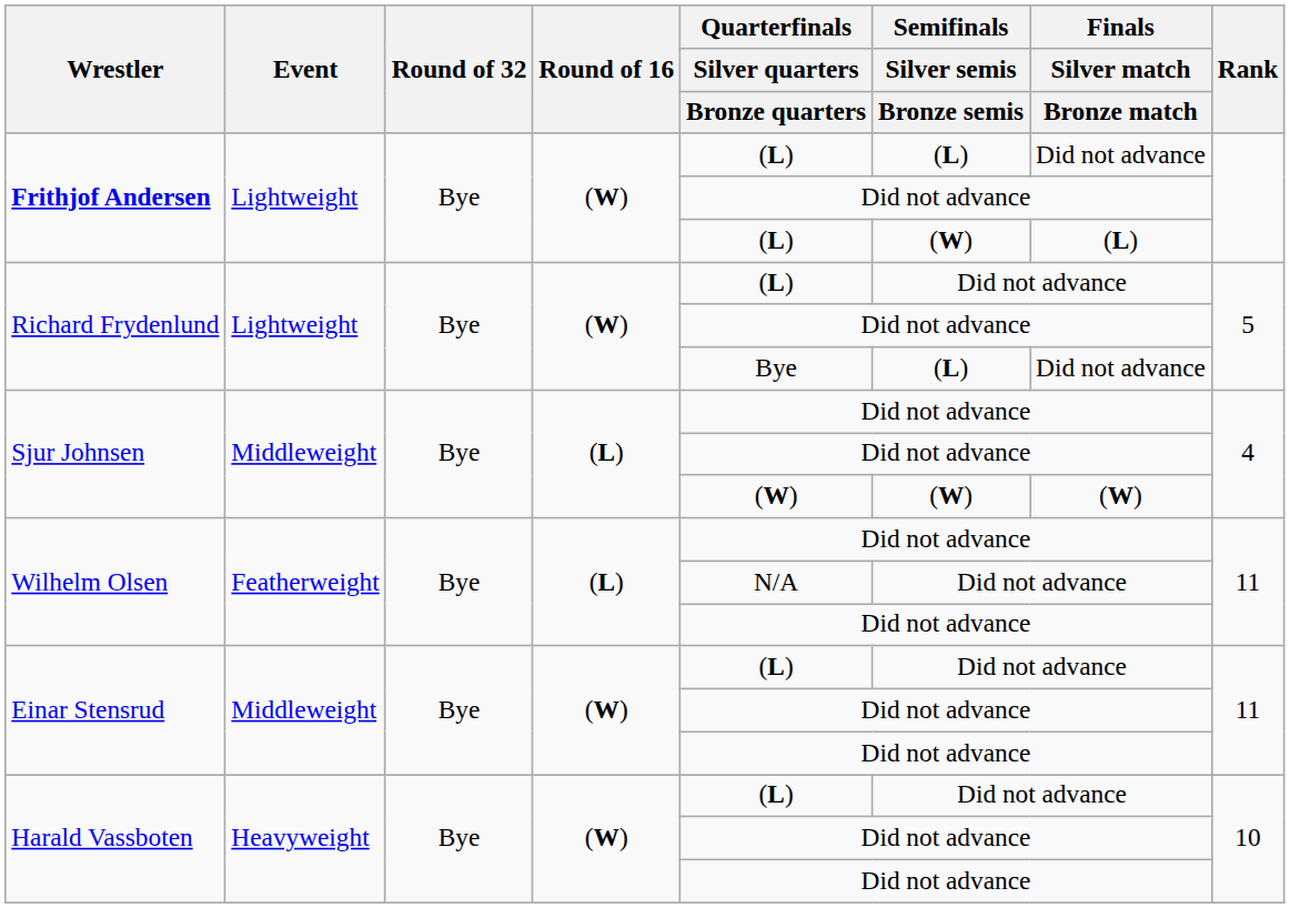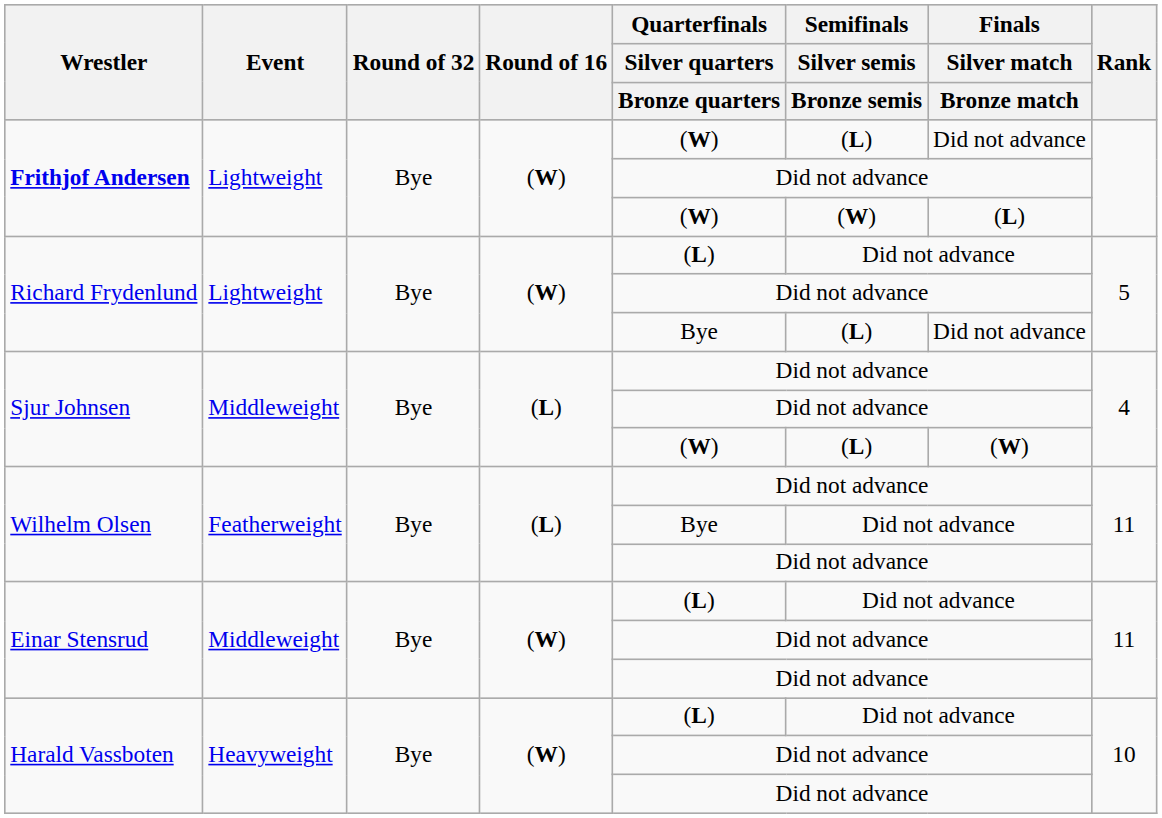 <table class=wikitable style="font-size:90%">
 <tr>
 <th rowspan=3>Wrestler</th>
 <th rowspan=3>Event</th>
 <th rowspan=3>Round of 32</th>
 <th rowspan=3>Round of 16</th>
 <th>Quarterfinals</th>
 <th>Semifinals</th>
 <th>Finals</th>
 <th rowspan=3>Rank</th>
 </tr>
 <tr>
 <th>Silver quarters</th>
 <th>Silver semis</th>
 <th>Silver match</th>
 </tr>
 <tr>
 <th>Bronze quarters</th>
 <th>Bronze semis</th>
 <th>Bronze match</th>
 </tr>
 <tr>
 <td rowspan=3><strong><a href='#'>Frithjof Andersen</a></strong></td>
 <td rowspan=3><a href='#'>Lightweight</a></td>
 <td align=center rowspan=3>Bye</td>
 <td align=center rowspan=3> (<strong>W</strong>)</td>
-<td align=center> (<strong>L</strong>)</td>
+<td align=center> (<strong>W</strong>)</td>
 <td align=center> (<strong>L</strong>)</td>
 <td align=center>Did not advance</td>
 <td align=center rowspan=3></td>
 </tr>
 <tr>
 <td align=center colspan=3>Did not advance</td>
 </tr>
 <tr>
-<td align=center> (<strong>L</strong>)</td>
+<td align=center> (<strong>W</strong>)</td>
 <td align=center> (<strong>W</strong>)</td>
 <td align=center> (<strong>L</strong>)</td>
 </tr>
 <tr>
 <td rowspan=3><a href='#'>Richard Frydenlund</a></td>
 <td rowspan=3><a href='#'>Lightweight</a></td>
 <td align=center rowspan=3>Bye</td>
 <td align=center rowspan=3> (<strong>W</strong>)</td>
 <td align=center> (<strong>L</strong>)</td>
 <td align=center colspan=2>Did not advance</td>
 <td align=center rowspan=3>5</td>
 </tr>
 <tr>
 <td align=center colspan=3>Did not advance</td>
 </tr>
 <tr>
 <td align=center>Bye</td>
 <td align=center> (<strong>L</strong>)</td>
 <td align=center>Did not advance</td>
 </tr>
 <tr>
 <td rowspan=3><a href='#'>Sjur Johnsen</a></td>
 <td rowspan=3><a href='#'>Middleweight</a></td>
 <td align=center rowspan=3>Bye</td>
 <td align=center rowspan=3> (<strong>L</strong>)</td>
 <td align=center colspan=3>Did not advance</td>
 <td align=center rowspan=3>4</td>
 </tr>
 <tr>
 <td align=center colspan=3>Did not advance</td>
 </tr>
 <tr>
 <td align=center> (<strong>W</strong>)</td>
-<td align=center> (<strong>W</strong>)</td>
+<td align=center> (<strong>L</strong>)</td>
 <td align=center> (<strong>W</strong>)</td>
 </tr>
 <tr>
 <td rowspan=3><a href='#'>Wilhelm Olsen</a></td>
 <td rowspan=3><a href='#'>Featherweight</a></td>
 <td align=center rowspan=3>Bye</td>
 <td align=center rowspan=3> (<strong>L</strong>)</td>
 <td align=center colspan=3>Did not advance</td>
 <td align=center rowspan=3>11</td>
 </tr>
 <tr>
-<td align=center>N/A</td>
+<td align=center>Bye</td>
 <td align=center colspan=2>Did not advance</td>
 </tr>
 <tr>
 <td align=center colspan=3>Did not advance</td>
 </tr>
 <tr>
 <td rowspan=3><a href='#'>Einar Stensrud</a></td>
 <td rowspan=3><a href='#'>Middleweight</a></td>
 <td align=center rowspan=3>Bye</td>
 <td align=center rowspan=3> (<strong>W</strong>)</td>
 <td align=center> (<strong>L</strong>)</td>
 <td align=center colspan=2>Did not advance</td>
 <td align=center rowspan=3>11</td>
 </tr>
 <tr>
 <td align=center colspan=3>Did not advance</td>
 </tr>
 <tr>
 <td align=center colspan=3>Did not advance</td>
 </tr>
 <tr>
 <td rowspan=3><a href='#'>Harald Vassboten</a></td>
 <td rowspan=3><a href='#'>Heavyweight</a></td>
 <td align=center rowspan=3>Bye</td>
 <td align=center rowspan=3> (<strong>W</strong>)</td>
 <td align=center> (<strong>L</strong>)</td>
 <td align=center colspan=2>Did not advance</td>
 <td align=center rowspan=3>10</td>
 </tr>
 <tr>
 <td align=center colspan=3>Did not advance</td>
 </tr>
 <tr>
 <td align=center colspan=3>Did not advance</td>
 </tr>
 </table>
